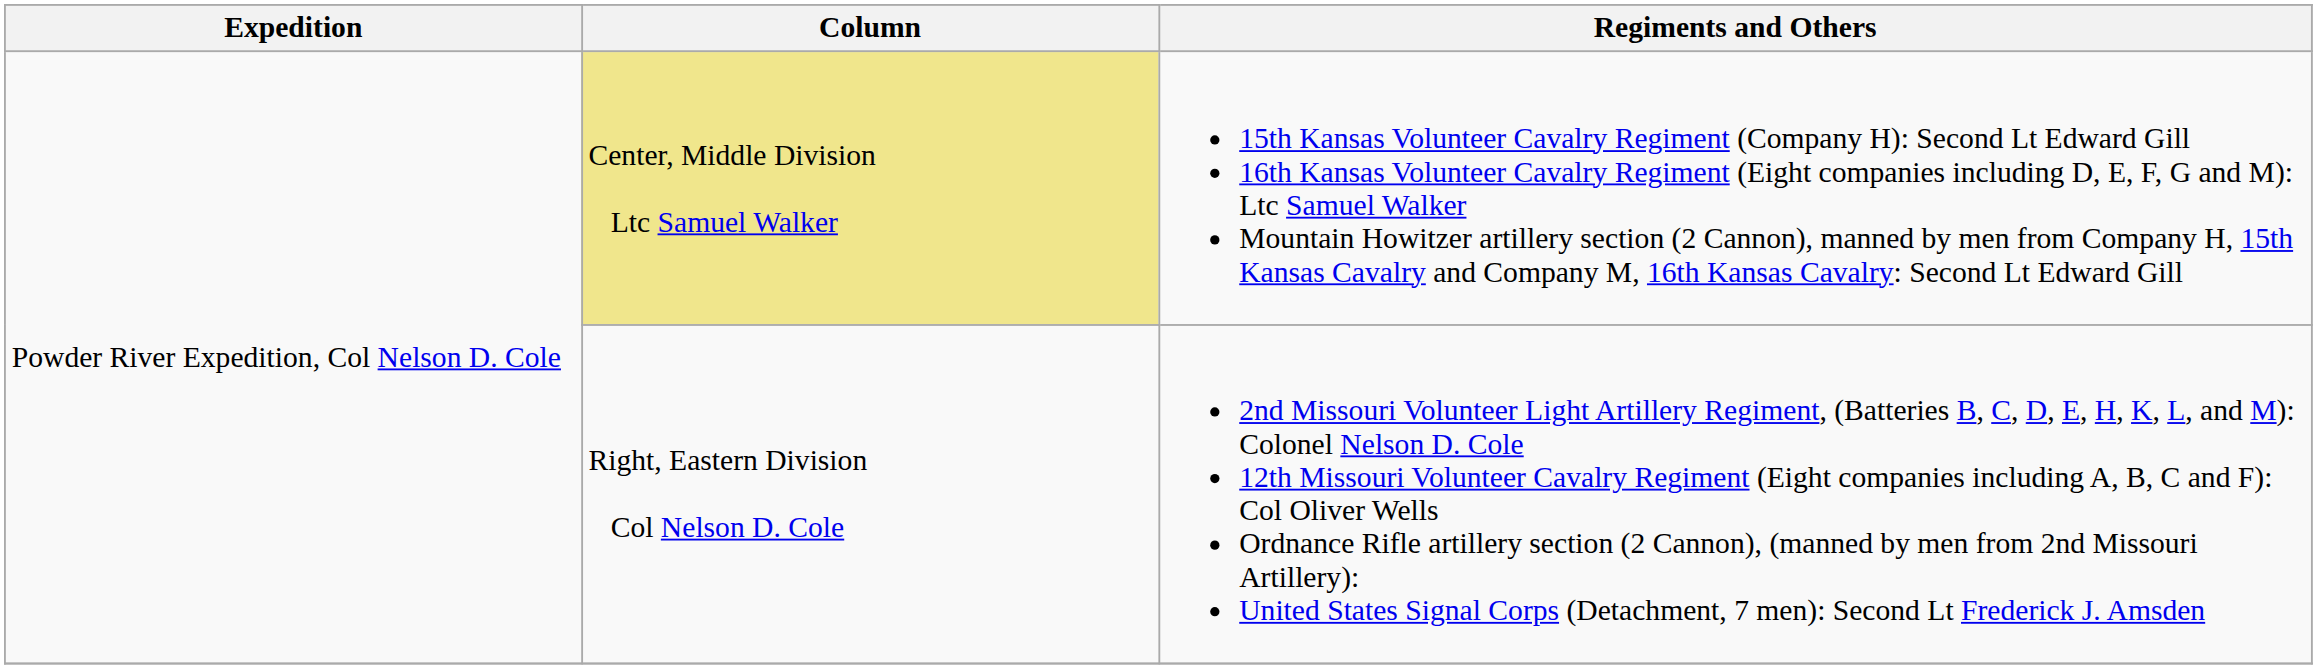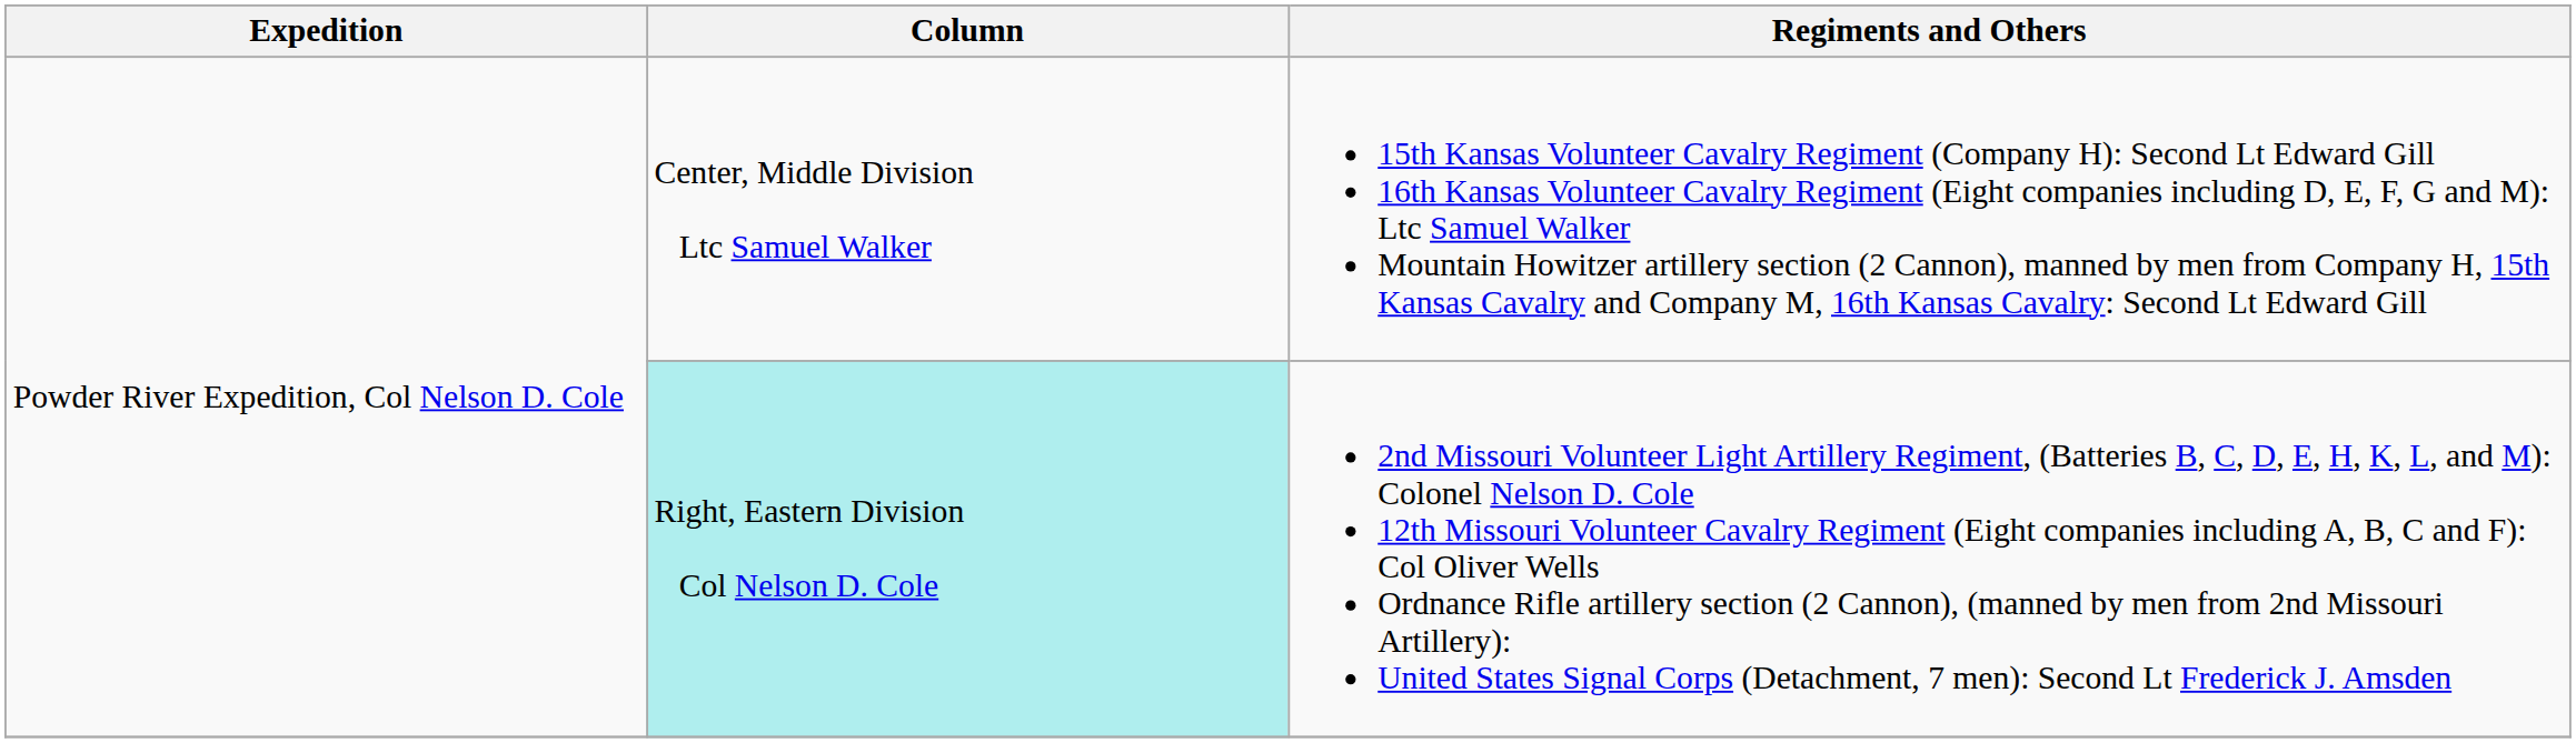 <table class="wikitable">
 <tr>
 <th width=25%>Expedition</th>
 <th width=25%>Column</th>
 <th>Regiments and Others</th>
 </tr>
 <tr>
 <td rowspan=2><br>Powder River Expedition, Col <a href='#'>Nelson D. Cole</a><br>    </td>
-<td style="background: khaki;">Center, Middle Division<br><br>   Ltc <a href='#'>Samuel Walker</a></td>
+<td>Center, Middle Division<br><br>   Ltc <a href='#'>Samuel Walker</a></td>
 <td><br><ul><li><a href='#'>15th Kansas Volunteer Cavalry Regiment</a> (Company H): Second Lt Edward Gill</li><li><a href='#'>16th Kansas Volunteer Cavalry Regiment</a> (Eight companies including D, E, F, G and M): Ltc <a href='#'>Samuel Walker</a></li><li>Mountain Howitzer artillery section (2 Cannon), manned by men from Company H, <a href='#'>15th Kansas Cavalry</a> and Company M, <a href='#'>16th Kansas Cavalry</a>: Second Lt Edward Gill</li></ul></td>
 </tr>
 <tr>
-<td>Right, Eastern Division<br><br>   Col <a href='#'>Nelson D. Cole</a></td>
+<td style="background: paleturquoise;">Right, Eastern Division<br><br>   Col <a href='#'>Nelson D. Cole</a></td>
 <td><br><ul><li><a href='#'>2nd Missouri Volunteer Light Artillery Regiment</a>, (Batteries <a href='#'>B</a>, <a href='#'>C</a>, <a href='#'>D</a>, <a href='#'>E</a>, <a href='#'>H</a>, <a href='#'>K</a>, <a href='#'>L</a>, and <a href='#'>M</a>): Colonel <a href='#'>Nelson D. Cole</a></li><li><a href='#'>12th Missouri Volunteer Cavalry Regiment</a> (Eight companies including A, B, C and F): Col Oliver Wells</li><li>Ordnance Rifle artillery section (2 Cannon), (manned by men from 2nd Missouri Artillery):</li><li><a href='#'>United States Signal Corps</a> (Detachment, 7 men): Second Lt <a href='#'>Frederick J. Amsden</a></li></ul></td>
 </tr>
 <tr>
 </tr>
 </table>
